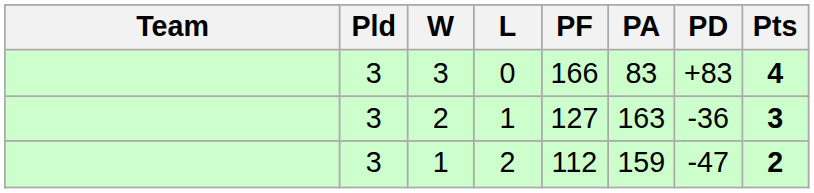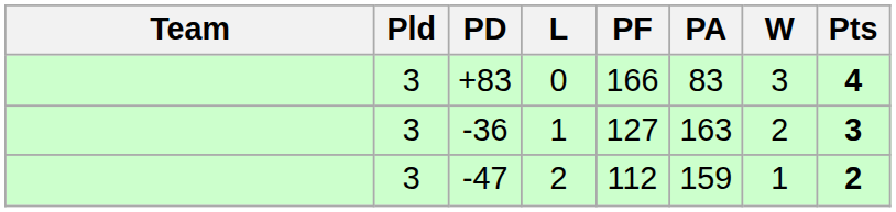 <table class=wikitable style="text-align:center">
 <tr>
 <th width=180>Team</th>
 <th width=30>Pld</th>
-<th width=30>W</th>
+<th width=30>PD</th>
 <th width=30>L</th>
 <th width=30>PF</th>
 <th width=30>PA</th>
-<th width=30>PD</th>
+<th width=30>W</th>
 <th width=30>Pts</th>
 </tr>
 <tr align=center bgcolor="#ccffcc">
 <td align=left></td>
 <td>3</td>
-<td>3</td>
+<td>+83</td>
 <td>0</td>
 <td>166</td>
 <td>83</td>
-<td>+83</td>
+<td>3</td>
 <td><strong>4</strong></td>
 </tr>
 <tr align=center bgcolor="#ccffcc">
 <td align=left></td>
 <td>3</td>
-<td>2</td>
+<td>-36</td>
 <td>1</td>
 <td>127</td>
 <td>163</td>
-<td>-36</td>
+<td>2</td>
 <td><strong>3</strong></td>
 </tr>
 <tr align=center bgcolor="#ccffcc">
 <td align=left></td>
 <td>3</td>
-<td>1</td>
+<td>-47</td>
 <td>2</td>
 <td>112</td>
 <td>159</td>
-<td>-47</td>
+<td>1</td>
 <td><strong>2</strong></td>
 </tr>
 </table>
